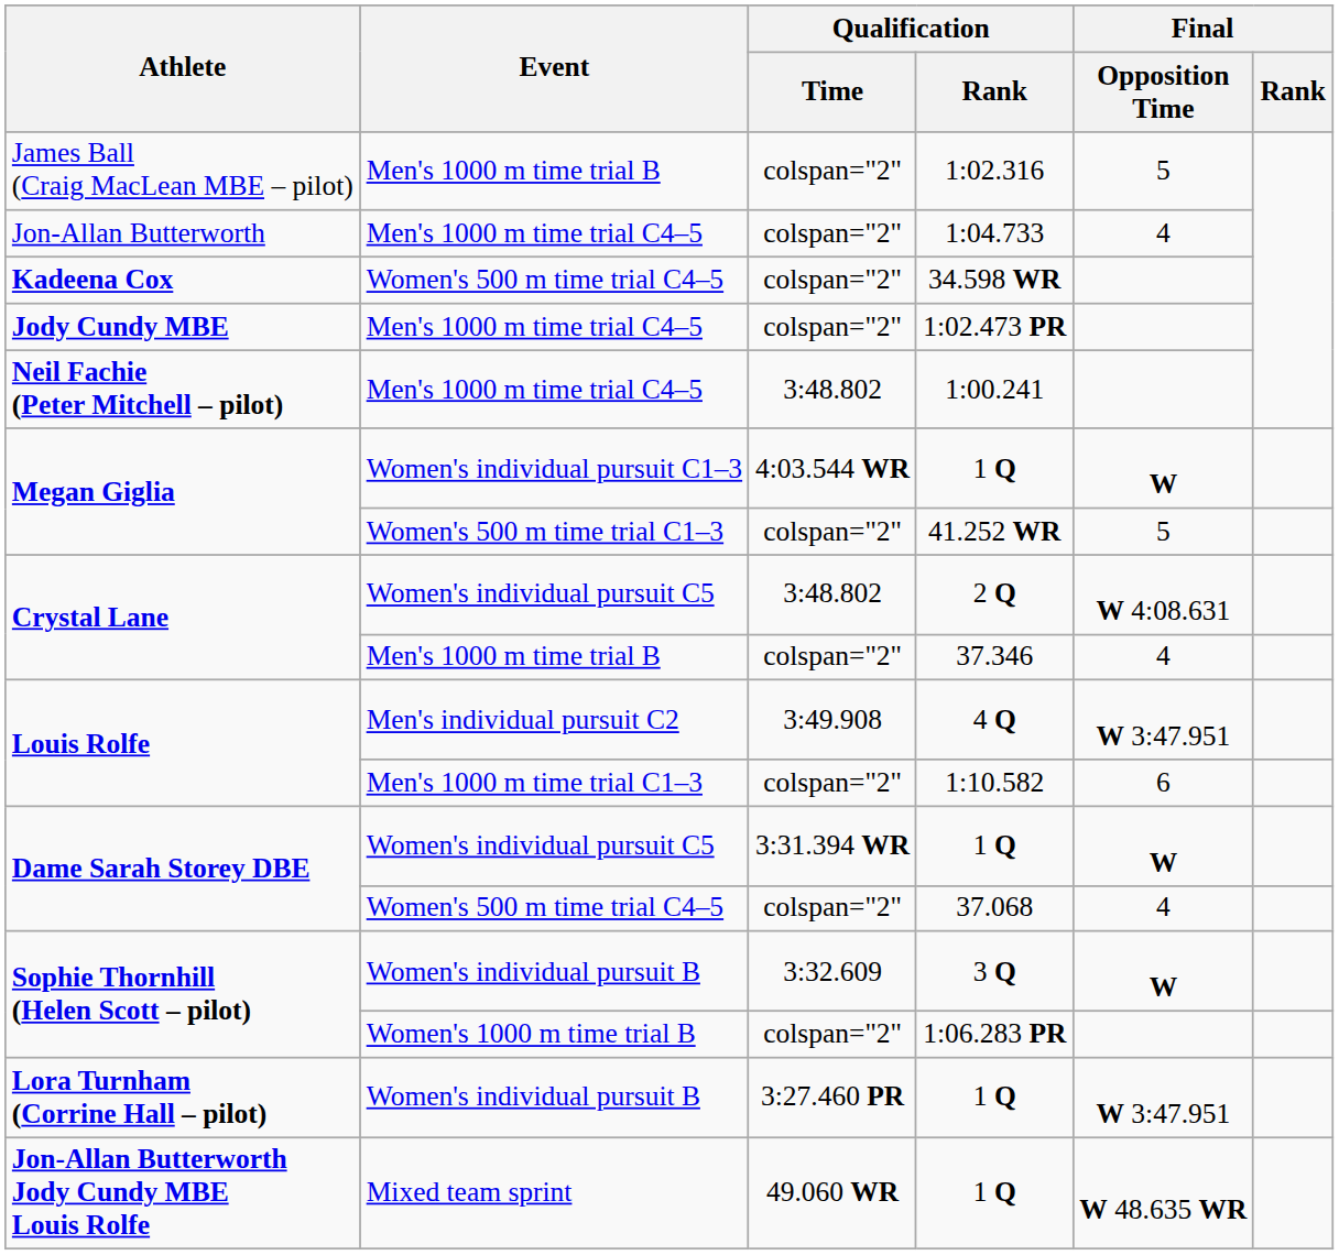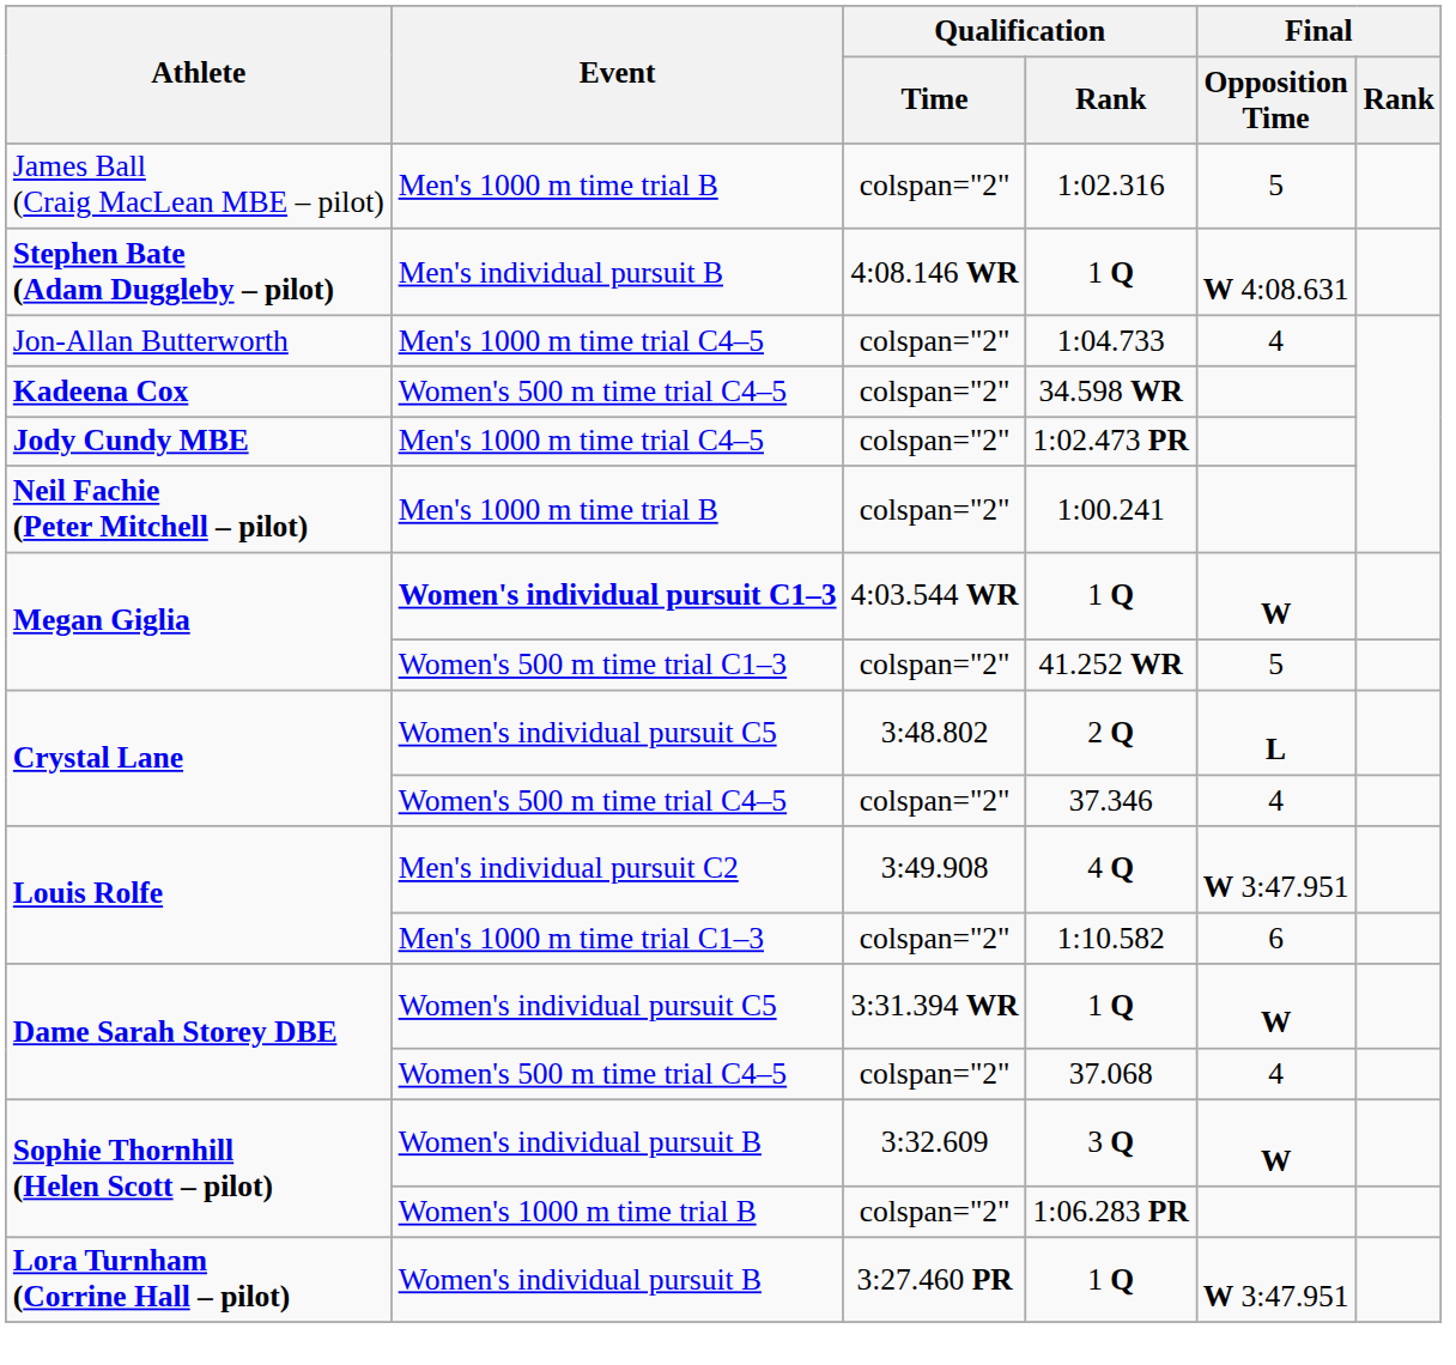 <table class=wikitable style="font-size:90%">
 <tr>
 <th rowspan="2">Athlete</th>
 <th rowspan="2">Event</th>
 <th colspan="2">Qualification</th>
 <th colspan="2">Final</th>
 </tr>
 <tr>
 <th>Time</th>
 <th>Rank</th>
 <th>Opposition<br>Time</th>
 <th>Rank</th>
 </tr>
 <tr align=center>
 <td align=left><a href='#'>James Ball</a><br>(<a href='#'>Craig MacLean MBE</a> – pilot)</td>
 <td align=left><a href='#'>Men's 1000 m time trial B</a></td>
 <td>colspan="2" </td>
 <td>1:02.316</td>
 <td>5</td>
+</tr>
+<tr align=center>
+<td align=left><strong><a href='#'>Stephen Bate</a><br>(<a href='#'>Adam Duggleby</a> – pilot)</strong></td>
+<td align=left><a href='#'>Men's individual pursuit B</a></td>
+<td>4:08.146 <strong>WR</strong></td>
+<td>1 <strong>Q</strong></td>
+<td><br><strong>W</strong> 4:08.631</td>
+<td></td>
 </tr>
 <tr align=center>
 <td align=left><a href='#'>Jon-Allan Butterworth</a></td>
 <td align=left><a href='#'>Men's 1000 m time trial C4–5</a></td>
 <td>colspan="2" </td>
 <td>1:04.733</td>
 <td>4</td>
 </tr>
 <tr align=center>
 <td align=left><strong><a href='#'>Kadeena Cox</a></strong></td>
 <td align=left><a href='#'>Women's 500 m time trial C4–5</a></td>
 <td>colspan="2" </td>
 <td>34.598 <strong>WR</strong></td>
 <td></td>
 </tr>
 <tr align=center>
 <td align=left><strong><a href='#'>Jody Cundy MBE</a></strong></td>
 <td align=left><a href='#'>Men's 1000 m time trial C4–5</a></td>
 <td>colspan="2" </td>
 <td>1:02.473 <strong>PR</strong></td>
 <td></td>
 </tr>
 <tr align=center>
 <td align=left><strong><a href='#'>Neil Fachie</a><br>(<a href='#'>Peter Mitchell</a> – pilot)</strong></td>
-<td align=left><a href='#'>Men's 1000 m time trial C4–5</a></td>
-<td>3:48.802</td>
+<td align=left><a href='#'>Men's 1000 m time trial B</a></td>
+<td>colspan="2" </td>
 <td>1:00.241</td>
 <td></td>
 </tr>
 <tr align=center>
 <td style="text-align:left;" rowspan="2"><strong><a href='#'>Megan Giglia</a></strong></td>
-<td align=left><a href='#'>Women's individual pursuit C1–3</a></td>
+<td align=left><strong><a href='#'>Women's individual pursuit C1–3</a></strong></td>
 <td>4:03.544 <strong>WR</strong></td>
 <td>1 <strong>Q</strong></td>
 <td><br> <strong>W</strong> </td>
 <td></td>
 </tr>
 <tr align=center>
 <td align=left><a href='#'>Women's 500 m time trial C1–3</a></td>
 <td>colspan="2" </td>
 <td>41.252 <strong>WR</strong></td>
 <td>5</td>
 </tr>
 <tr align=center>
 <td style="text-align:left;" rowspan="2"><strong><a href='#'>Crystal Lane</a></strong></td>
 <td align=left><a href='#'>Women's individual pursuit C5</a></td>
 <td>3:48.802</td>
 <td>2 <strong>Q</strong></td>
-<td><br><strong>W</strong> 4:08.631</td>
+<td><br> <strong>L</strong> </td>
 <td></td>
 </tr>
 <tr align=center>
-<td align=left><a href='#'>Men's 1000 m time trial B</a></td>
+<td align=left><a href='#'>Women's 500 m time trial C4–5</a></td>
 <td>colspan="2" </td>
 <td>37.346</td>
 <td>4</td>
 </tr>
 <tr align=center>
 <td style="text-align:left;" rowspan="2"><strong><a href='#'>Louis Rolfe</a></strong></td>
 <td align=left><a href='#'>Men's individual pursuit C2</a></td>
 <td>3:49.908</td>
 <td>4 <strong>Q</strong></td>
 <td><br><strong>W</strong> 3:47.951</td>
 <td></td>
 </tr>
 <tr align=center>
 <td align=left><a href='#'>Men's 1000 m time trial C1–3</a></td>
 <td>colspan="2" </td>
 <td>1:10.582</td>
 <td>6</td>
 </tr>
 <tr align=center>
 <td style="text-align:left;" rowspan="2"><strong><a href='#'>Dame Sarah Storey DBE</a></strong></td>
 <td align=left><a href='#'>Women's individual pursuit C5</a></td>
 <td>3:31.394 <strong>WR</strong></td>
 <td>1 <strong>Q</strong></td>
 <td><br> <strong>W</strong> </td>
 <td></td>
 </tr>
 <tr align=center>
 <td align=left><a href='#'>Women's 500 m time trial C4–5</a></td>
 <td>colspan="2" </td>
 <td>37.068</td>
 <td>4</td>
 </tr>
 <tr align=center>
 <td style="text-align:left;" rowspan="2"><strong><a href='#'>Sophie Thornhill</a> <br>(<a href='#'>Helen Scott</a> – pilot)</strong></td>
 <td align=left><a href='#'>Women's individual pursuit B</a></td>
 <td>3:32.609</td>
 <td>3 <strong>Q</strong></td>
 <td><br><strong>W</strong> </td>
 <td></td>
 </tr>
 <tr align=center>
 <td align=left><a href='#'>Women's 1000 m time trial B</a></td>
 <td>colspan="2" </td>
 <td>1:06.283 <strong>PR</strong></td>
 <td></td>
 </tr>
 <tr align=center>
 <td align=left><strong><a href='#'>Lora Turnham</a><br> (<a href='#'>Corrine Hall</a> – pilot)</strong></td>
 <td align=left><a href='#'>Women's individual pursuit B</a></td>
 <td>3:27.460 <strong>PR</strong></td>
 <td>1 <strong>Q</strong></td>
 <td><br><strong>W</strong> 3:47.951</td>
 <td></td>
 </tr>
-<tr align=center>
-<td align=left><strong><a href='#'>Jon-Allan Butterworth</a><br><a href='#'>Jody Cundy MBE</a><br><a href='#'>Louis Rolfe</a></strong></td>
-<td align=left><a href='#'>Mixed team sprint</a></td>
-<td>49.060 <strong>WR</strong></td>
-<td>1 <strong>Q</strong></td>
-<td><br><strong>W</strong> 48.635 <strong>WR</strong></td>
-<td></td>
-</tr>
 </table>
